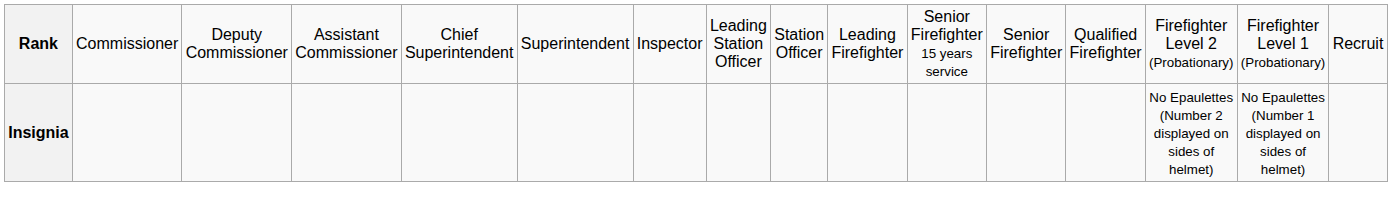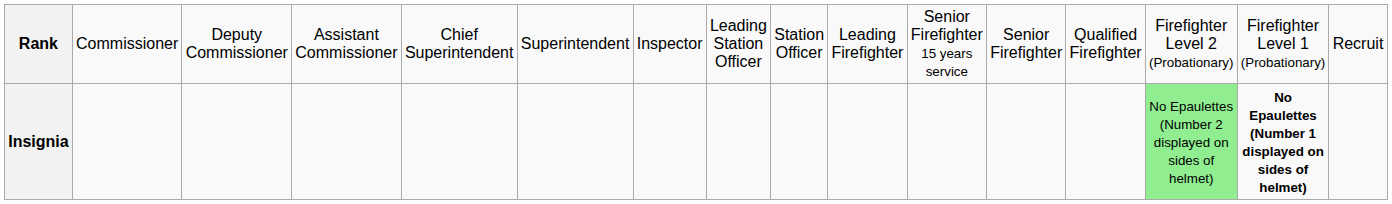 <table class="wikitable">
 <tr style="text-align:center;">
 <th>Rank</th>
 <td>Commissioner</td>
 <td>Deputy Commissioner</td>
 <td>Assistant Commissioner</td>
 <td>Chief Superintendent</td>
 <td>Superintendent</td>
 <td>Inspector</td>
 <td>Leading Station Officer</td>
 <td>Station Officer</td>
 <td>Leading Firefighter</td>
 <td>Senior Firefighter<br><small>15 years service</small></td>
 <td>Senior Firefighter</td>
 <td>Qualified Firefighter</td>
 <td>Firefighter Level 2<br><small>(Probationary)</small></td>
 <td>Firefighter Level 1<br><small>(Probationary)</small></td>
 <td>Recruit</td>
 </tr>
 <tr style="text-align:center;">
 <th>Insignia</th>
 <td></td>
 <td></td>
 <td></td>
 <td></td>
 <td></td>
 <td></td>
 <td></td>
 <td></td>
 <td></td>
 <td></td>
 <td></td>
 <td></td>
-<td><small>No Epaulettes</small><br><small>(Number 2 displayed on sides of helmet)</small></td>
-<td><small>No Epaulettes</small><br><small>(Number 1 displayed on sides of helmet)</small></td>
+<td style="background: lightgreen;"><small>No Epaulettes</small><br><small>(Number 2 displayed on sides of helmet)</small></td>
+<td><strong><small>No Epaulettes</small><br><small>(Number 1 displayed on sides of helmet)</small></strong></td>
 <td></td>
 </tr>
 </table>
